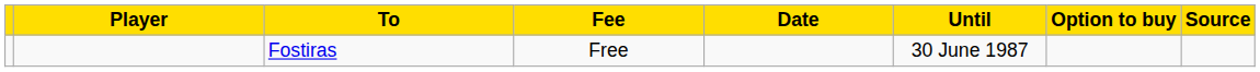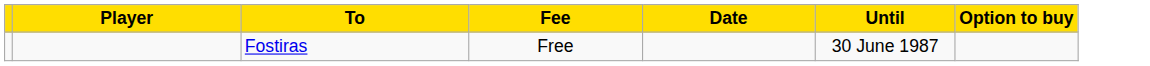 <table class="wikitable sortable">
 <tr>
 <th style="background:#FFDE00"></th>
 <th width=200 style="background:#FFDE00">Player</th>
 <th width=200 style="background:#FFDE00">To</th>
 <th width=150 style="background:#FFDE00">Fee</th>
 <th width=150 style="background:#FFDE00">Date</th>
 <th width=120 style="background:#FFDE00">Until</th>
 <th style="background:#FFDE00">Option to buy</th>
-<th style="background:#FFDE00">Source</th>
 </tr>
 <tr>
 <td align=center></td>
 <td></td>
 <td> <a href='#'>Fostiras</a></td>
 <td align=center>Free</td>
 <td align=center></td>
 <td align=center>30 June 1987</td>
 <td align=center></td>
-<td align=center></td>
 </tr>
 </table>
